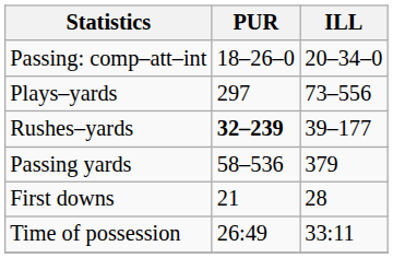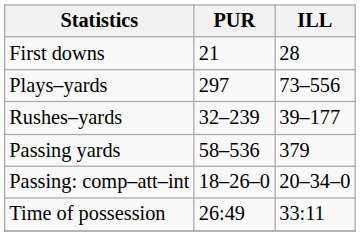 <table class="wikitable" style="float: left;">
 <tr>
 <th>Statistics</th>
 <th>PUR</th>
 <th>ILL</th>
 </tr>
 <tr>
-<td>Passing: comp–att–int</td>
-<td>18–26–0</td>
-<td>20–34–0</td>
+<td>First downs</td>
+<td>21</td>
+<td>28</td>
 </tr>
 <tr>
 <td>Plays–yards</td>
 <td>297</td>
 <td>73–556</td>
 </tr>
 <tr>
 <td>Rushes–yards</td>
-<td><strong>32–239</strong></td>
+<td>32–239</td>
 <td>39–177</td>
 </tr>
 <tr>
 <td>Passing yards</td>
 <td>58–536</td>
 <td>379</td>
 </tr>
 <tr>
-<td>First downs</td>
-<td>21</td>
-<td>28</td>
+<td>Passing: comp–att–int</td>
+<td>18–26–0</td>
+<td>20–34–0</td>
 </tr>
 <tr>
 <td>Time of possession</td>
 <td>26:49</td>
 <td>33:11</td>
 </tr>
 <tr>
 </tr>
 </table>
